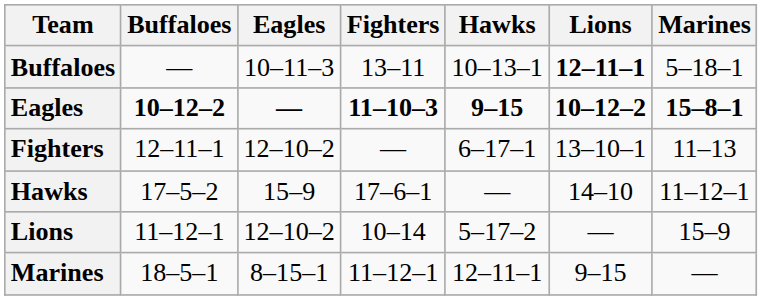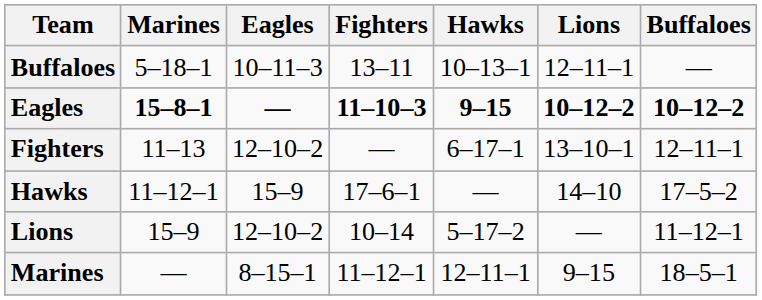 <table class="wikitable plainrowheaders" style="text-align:center;">
 <tr>
 <th>Team</th>
-<th>Buffaloes</th>
+<th>Marines</th>
 <th>Eagles</th>
 <th>Fighters</th>
 <th>Hawks</th>
 <th>Lions</th>
-<th>Marines</th>
+<th>Buffaloes</th>
 </tr>
 <tr>
 <th scope="row" style="text-align:left;">Buffaloes</th>
-<td>—</td>
+<td>5–18–1</td>
 <td>10–11–3</td>
 <td>13–11</td>
 <td>10–13–1</td>
-<td><strong>12–11–1</strong></td>
-<td>5–18–1</td>
+<td>12–11–1</td>
+<td>—</td>
 </tr>
 <tr>
 <th scope="row" style="text-align:left;"><strong>Eagles</strong></th>
-<td><strong>10–12–2</strong></td>
+<td><strong>15–8–1</strong></td>
 <td><strong>—</strong></td>
 <td><strong>11–10–3</strong></td>
 <td><strong>9–15</strong></td>
 <td><strong>10–12–2</strong></td>
-<td><strong>15–8–1</strong></td>
+<td><strong>10–12–2</strong></td>
 </tr>
 <tr>
 <th scope="row" style="text-align:left;">Fighters</th>
-<td>12–11–1</td>
+<td>11–13</td>
 <td>12–10–2</td>
 <td>—</td>
 <td>6–17–1</td>
 <td>13–10–1</td>
-<td>11–13</td>
+<td>12–11–1</td>
 </tr>
 <tr>
 <th scope="row" style="text-align:left;">Hawks</th>
-<td>17–5–2</td>
+<td>11–12–1</td>
 <td>15–9</td>
 <td>17–6–1</td>
 <td>—</td>
 <td>14–10</td>
-<td>11–12–1</td>
+<td>17–5–2</td>
 </tr>
 <tr>
 <th scope="row" style="text-align:left;">Lions</th>
-<td>11–12–1</td>
+<td>15–9</td>
 <td>12–10–2</td>
 <td>10–14</td>
 <td>5–17–2</td>
 <td>—</td>
-<td>15–9</td>
+<td>11–12–1</td>
 </tr>
 <tr>
 <th scope="row" style="text-align:left;">Marines</th>
-<td>18–5–1</td>
+<td>—</td>
 <td>8–15–1</td>
 <td>11–12–1</td>
 <td>12–11–1</td>
 <td>9–15</td>
-<td>—</td>
+<td>18–5–1</td>
 </tr>
 </table>
